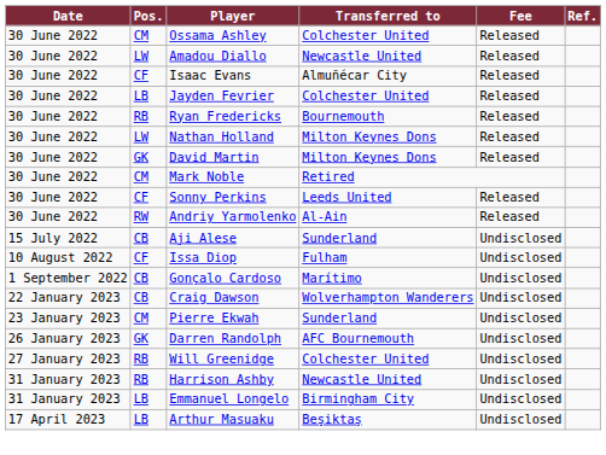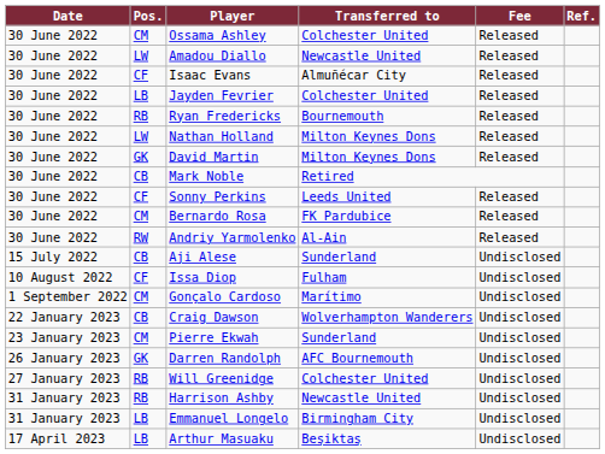 <table class="wikitable plainrowheaders sortable">
 <tr>
 <th style="background:#7D2838; color:#FFFFFF; ">Date</th>
 <th style="background:#7D2838; color:#FFFFFF; ">Pos.</th>
 <th style="background:#7D2838; color:#FFFFFF; ">Player</th>
 <th style="background:#7D2838; color:#FFFFFF; ">Transferred to</th>
 <th style="background:#7D2838; color:#FFFFFF; ">Fee</th>
 <th style="background:#7D2838; color:#FFFFFF; ">Ref.</th>
 </tr>
 <tr>
 <td>30 June 2022</td>
 <td><a href='#'>CM</a></td>
 <td> <a href='#'>Ossama Ashley</a></td>
 <td> <a href='#'>Colchester United</a></td>
 <td>Released</td>
 <td></td>
 </tr>
 <tr>
 <td>30 June 2022</td>
 <td><a href='#'>LW</a></td>
 <td> <a href='#'>Amadou Diallo</a></td>
 <td> <a href='#'>Newcastle United</a></td>
 <td>Released</td>
 <td></td>
 </tr>
 <tr>
 <td>30 June 2022</td>
 <td><a href='#'>CF</a></td>
 <td> Isaac Evans</td>
 <td> Almuñécar City</td>
 <td>Released</td>
 <td></td>
 </tr>
 <tr>
 <td>30 June 2022</td>
 <td><a href='#'>LB</a></td>
 <td> <a href='#'>Jayden Fevrier</a></td>
 <td> <a href='#'>Colchester United</a></td>
 <td>Released</td>
 <td></td>
 </tr>
 <tr>
 <td>30 June 2022</td>
 <td><a href='#'>RB</a></td>
 <td> <a href='#'>Ryan Fredericks</a></td>
 <td> <a href='#'>Bournemouth</a></td>
 <td>Released</td>
 <td></td>
 </tr>
 <tr>
 <td>30 June 2022</td>
 <td><a href='#'>LW</a></td>
 <td> <a href='#'>Nathan Holland</a></td>
 <td> <a href='#'>Milton Keynes Dons</a></td>
 <td>Released</td>
 <td></td>
 </tr>
 <tr>
 <td>30 June 2022</td>
 <td><a href='#'>GK</a></td>
 <td> <a href='#'>David Martin</a></td>
 <td> <a href='#'>Milton Keynes Dons</a></td>
 <td>Released</td>
 <td></td>
 </tr>
 <tr>
 <td>30 June 2022</td>
-<td><a href='#'>CM</a></td>
+<td><a href='#'>CB</a></td>
 <td> <a href='#'>Mark Noble</a></td>
 <td colspan="2"> <a href='#'>Retired</a></td>
 <td></td>
 </tr>
 <tr>
 <td>30 June 2022</td>
 <td><a href='#'>CF</a></td>
 <td> <a href='#'>Sonny Perkins</a></td>
 <td> <a href='#'>Leeds United</a></td>
+<td>Released</td>
+<td></td>
+</tr>
+<tr>
+<td>30 June 2022</td>
+<td><a href='#'>CM</a></td>
+<td> <a href='#'>Bernardo Rosa</a></td>
+<td> <a href='#'>FK Pardubice</a></td>
 <td>Released</td>
 <td></td>
 </tr>
 <tr>
 <td>30 June 2022</td>
 <td><a href='#'>RW</a></td>
 <td> <a href='#'>Andriy Yarmolenko</a></td>
 <td> <a href='#'>Al-Ain</a></td>
 <td>Released</td>
 <td></td>
 </tr>
 <tr>
 <td>15 July 2022</td>
 <td><a href='#'>CB</a></td>
 <td> <a href='#'>Aji Alese</a></td>
 <td> <a href='#'>Sunderland</a></td>
 <td>Undisclosed</td>
 <td></td>
 </tr>
 <tr>
 <td>10 August 2022</td>
 <td><a href='#'>CF</a></td>
 <td> <a href='#'>Issa Diop</a></td>
 <td> <a href='#'>Fulham</a></td>
 <td>Undisclosed</td>
 <td></td>
 </tr>
 <tr>
 <td>1 September 2022</td>
-<td><a href='#'>CB</a></td>
+<td><a href='#'>CM</a></td>
 <td> <a href='#'>Gonçalo Cardoso</a></td>
 <td> <a href='#'>Marítimo</a></td>
 <td>Undisclosed</td>
 <td></td>
 </tr>
 <tr>
 <td>22 January 2023</td>
 <td><a href='#'>CB</a></td>
 <td> <a href='#'>Craig Dawson</a></td>
 <td> <a href='#'>Wolverhampton Wanderers</a></td>
 <td>Undisclosed</td>
 <td></td>
 </tr>
 <tr>
 <td>23 January 2023</td>
 <td><a href='#'>CM</a></td>
 <td> <a href='#'>Pierre Ekwah</a></td>
 <td> <a href='#'>Sunderland</a></td>
 <td>Undisclosed</td>
 <td></td>
 </tr>
 <tr>
 <td>26 January 2023</td>
 <td><a href='#'>GK</a></td>
 <td> <a href='#'>Darren Randolph</a></td>
 <td> <a href='#'>AFC Bournemouth</a></td>
 <td>Undisclosed</td>
 <td></td>
 </tr>
 <tr>
 <td>27 January 2023</td>
 <td><a href='#'>RB</a></td>
 <td> <a href='#'>Will Greenidge</a></td>
 <td> <a href='#'>Colchester United</a></td>
 <td>Undisclosed</td>
 <td></td>
 </tr>
 <tr>
 <td>31 January 2023</td>
 <td><a href='#'>RB</a></td>
 <td> <a href='#'>Harrison Ashby</a></td>
 <td> <a href='#'>Newcastle United</a></td>
 <td>Undisclosed</td>
 <td></td>
 </tr>
 <tr>
 <td>31 January 2023</td>
 <td><a href='#'>LB</a></td>
 <td> <a href='#'>Emmanuel Longelo</a></td>
 <td> <a href='#'>Birmingham City</a></td>
 <td>Undisclosed</td>
 <td></td>
 </tr>
 <tr>
 <td>17 April 2023</td>
 <td><a href='#'>LB</a></td>
 <td> <a href='#'>Arthur Masuaku</a></td>
 <td> <a href='#'>Beşiktaş</a></td>
 <td>Undisclosed</td>
 <td></td>
 </tr>
 </table>
